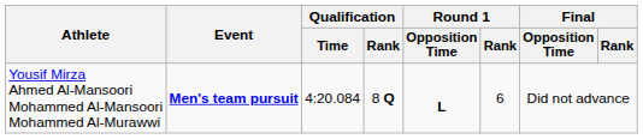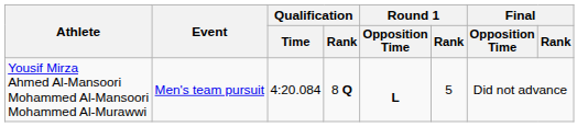 <table class=wikitable style=font-size:90%;text-align:center>
 <tr>
 <th rowspan="2">Athlete</th>
 <th rowspan="2">Event</th>
 <th colspan=2>Qualification</th>
 <th colspan=2>Round 1</th>
 <th colspan=2>Final</th>
 </tr>
 <tr style="font-size:95%">
 <th>Time</th>
 <th>Rank</th>
 <th>Opposition<br>Time</th>
 <th>Rank</th>
 <th>Opposition<br>Time</th>
 <th>Rank</th>
 </tr>
 <tr>
 <td align=left><a href='#'>Yousif Mirza</a><br>Ahmed Al-Mansoori<br>Mohammed Al-Mansoori<br>Mohammed Al-Murawwi</td>
-<td align=left><strong><a href='#'>Men's team pursuit</a></strong></td>
+<td align=left><a href='#'>Men's team pursuit</a></td>
 <td>4:20.084</td>
 <td>8 <strong>Q</strong></td>
 <td><br><strong>L</strong></td>
-<td>6</td>
+<td>5</td>
 <td colspan=2>Did not advance</td>
 </tr>
 </table>
